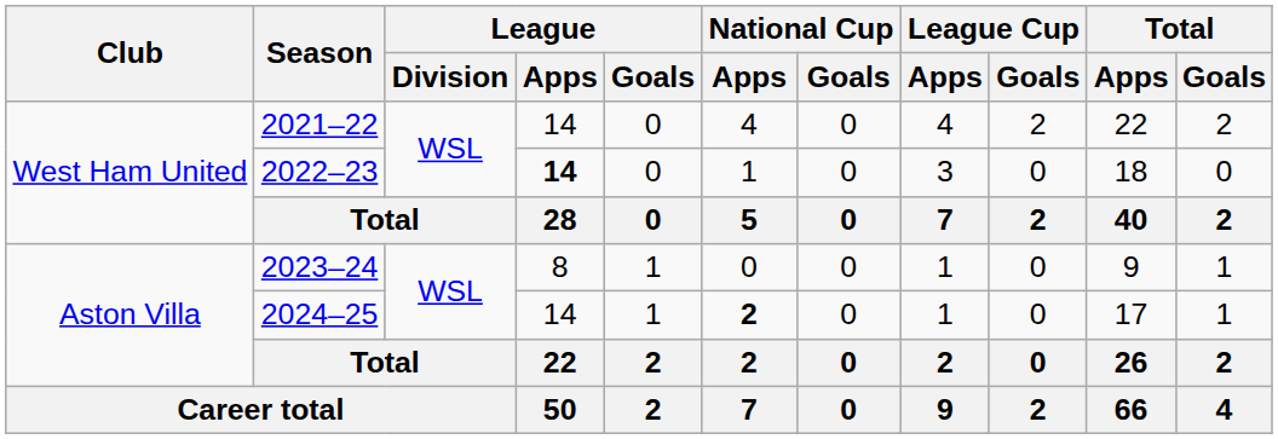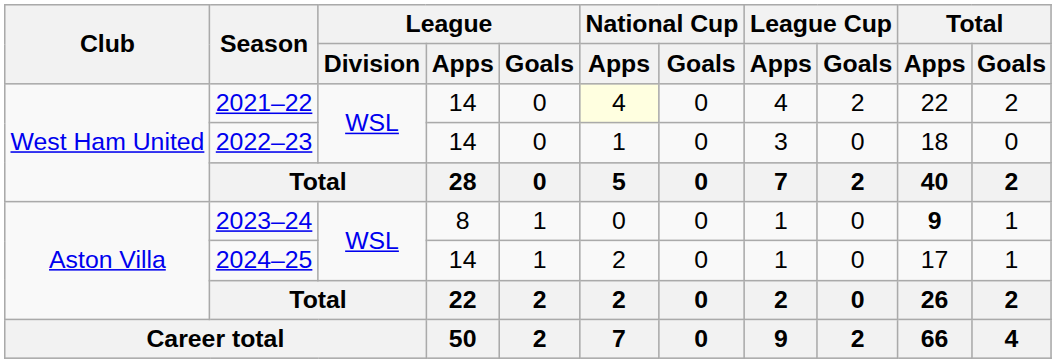 <table class="wikitable" style="text-align:center">
 <tr>
 <th rowspan="2">Club</th>
 <th rowspan="2">Season</th>
 <th colspan="3">League</th>
 <th colspan="2">National Cup</th>
 <th colspan="2">League Cup</th>
 <th colspan="2">Total</th>
 </tr>
 <tr>
 <th>Division</th>
 <th>Apps</th>
 <th>Goals</th>
 <th>Apps</th>
 <th>Goals</th>
 <th>Apps</th>
 <th>Goals</th>
 <th>Apps</th>
 <th>Goals</th>
 </tr>
 <tr>
 <td rowspan="3"><a href='#'>West Ham United</a></td>
 <td><a href='#'>2021–22</a></td>
 <td rowspan="2"><a href='#'>WSL</a></td>
 <td>14</td>
 <td>0</td>
-<td>4</td>
+<td style="background: lightyellow;">4</td>
 <td>0</td>
 <td>4</td>
 <td>2</td>
 <td>22</td>
 <td>2</td>
 </tr>
 <tr>
 <td><a href='#'>2022–23</a></td>
-<td><strong>14</strong></td>
+<td>14</td>
 <td>0</td>
 <td>1</td>
 <td>0</td>
 <td>3</td>
 <td>0</td>
 <td>18</td>
 <td>0</td>
 </tr>
 <tr>
 <th colspan="2">Total</th>
 <th>28</th>
 <th>0</th>
 <th>5</th>
 <th>0</th>
 <th>7</th>
 <th>2</th>
 <th>40</th>
 <th>2</th>
 </tr>
 <tr>
 <td rowspan="3"><a href='#'>Aston Villa</a></td>
 <td><a href='#'>2023–24</a></td>
 <td rowspan="2"><a href='#'>WSL</a></td>
 <td>8</td>
 <td>1</td>
 <td>0</td>
 <td>0</td>
 <td>1</td>
 <td>0</td>
-<td>9</td>
+<td><strong>9</strong></td>
 <td>1</td>
 </tr>
 <tr>
 <td><a href='#'>2024–25</a></td>
 <td>14</td>
 <td>1</td>
-<td><strong>2</strong></td>
+<td>2</td>
 <td>0</td>
 <td>1</td>
 <td>0</td>
 <td>17</td>
 <td>1</td>
 </tr>
 <tr>
 <th colspan="2">Total</th>
 <th>22</th>
 <th>2</th>
 <th>2</th>
 <th>0</th>
 <th>2</th>
 <th>0</th>
 <th>26</th>
 <th>2</th>
 </tr>
 <tr>
 <th colspan="3">Career total</th>
 <th>50</th>
 <th>2</th>
 <th>7</th>
 <th>0</th>
 <th>9</th>
 <th>2</th>
 <th>66</th>
 <th>4</th>
 </tr>
 </table>
